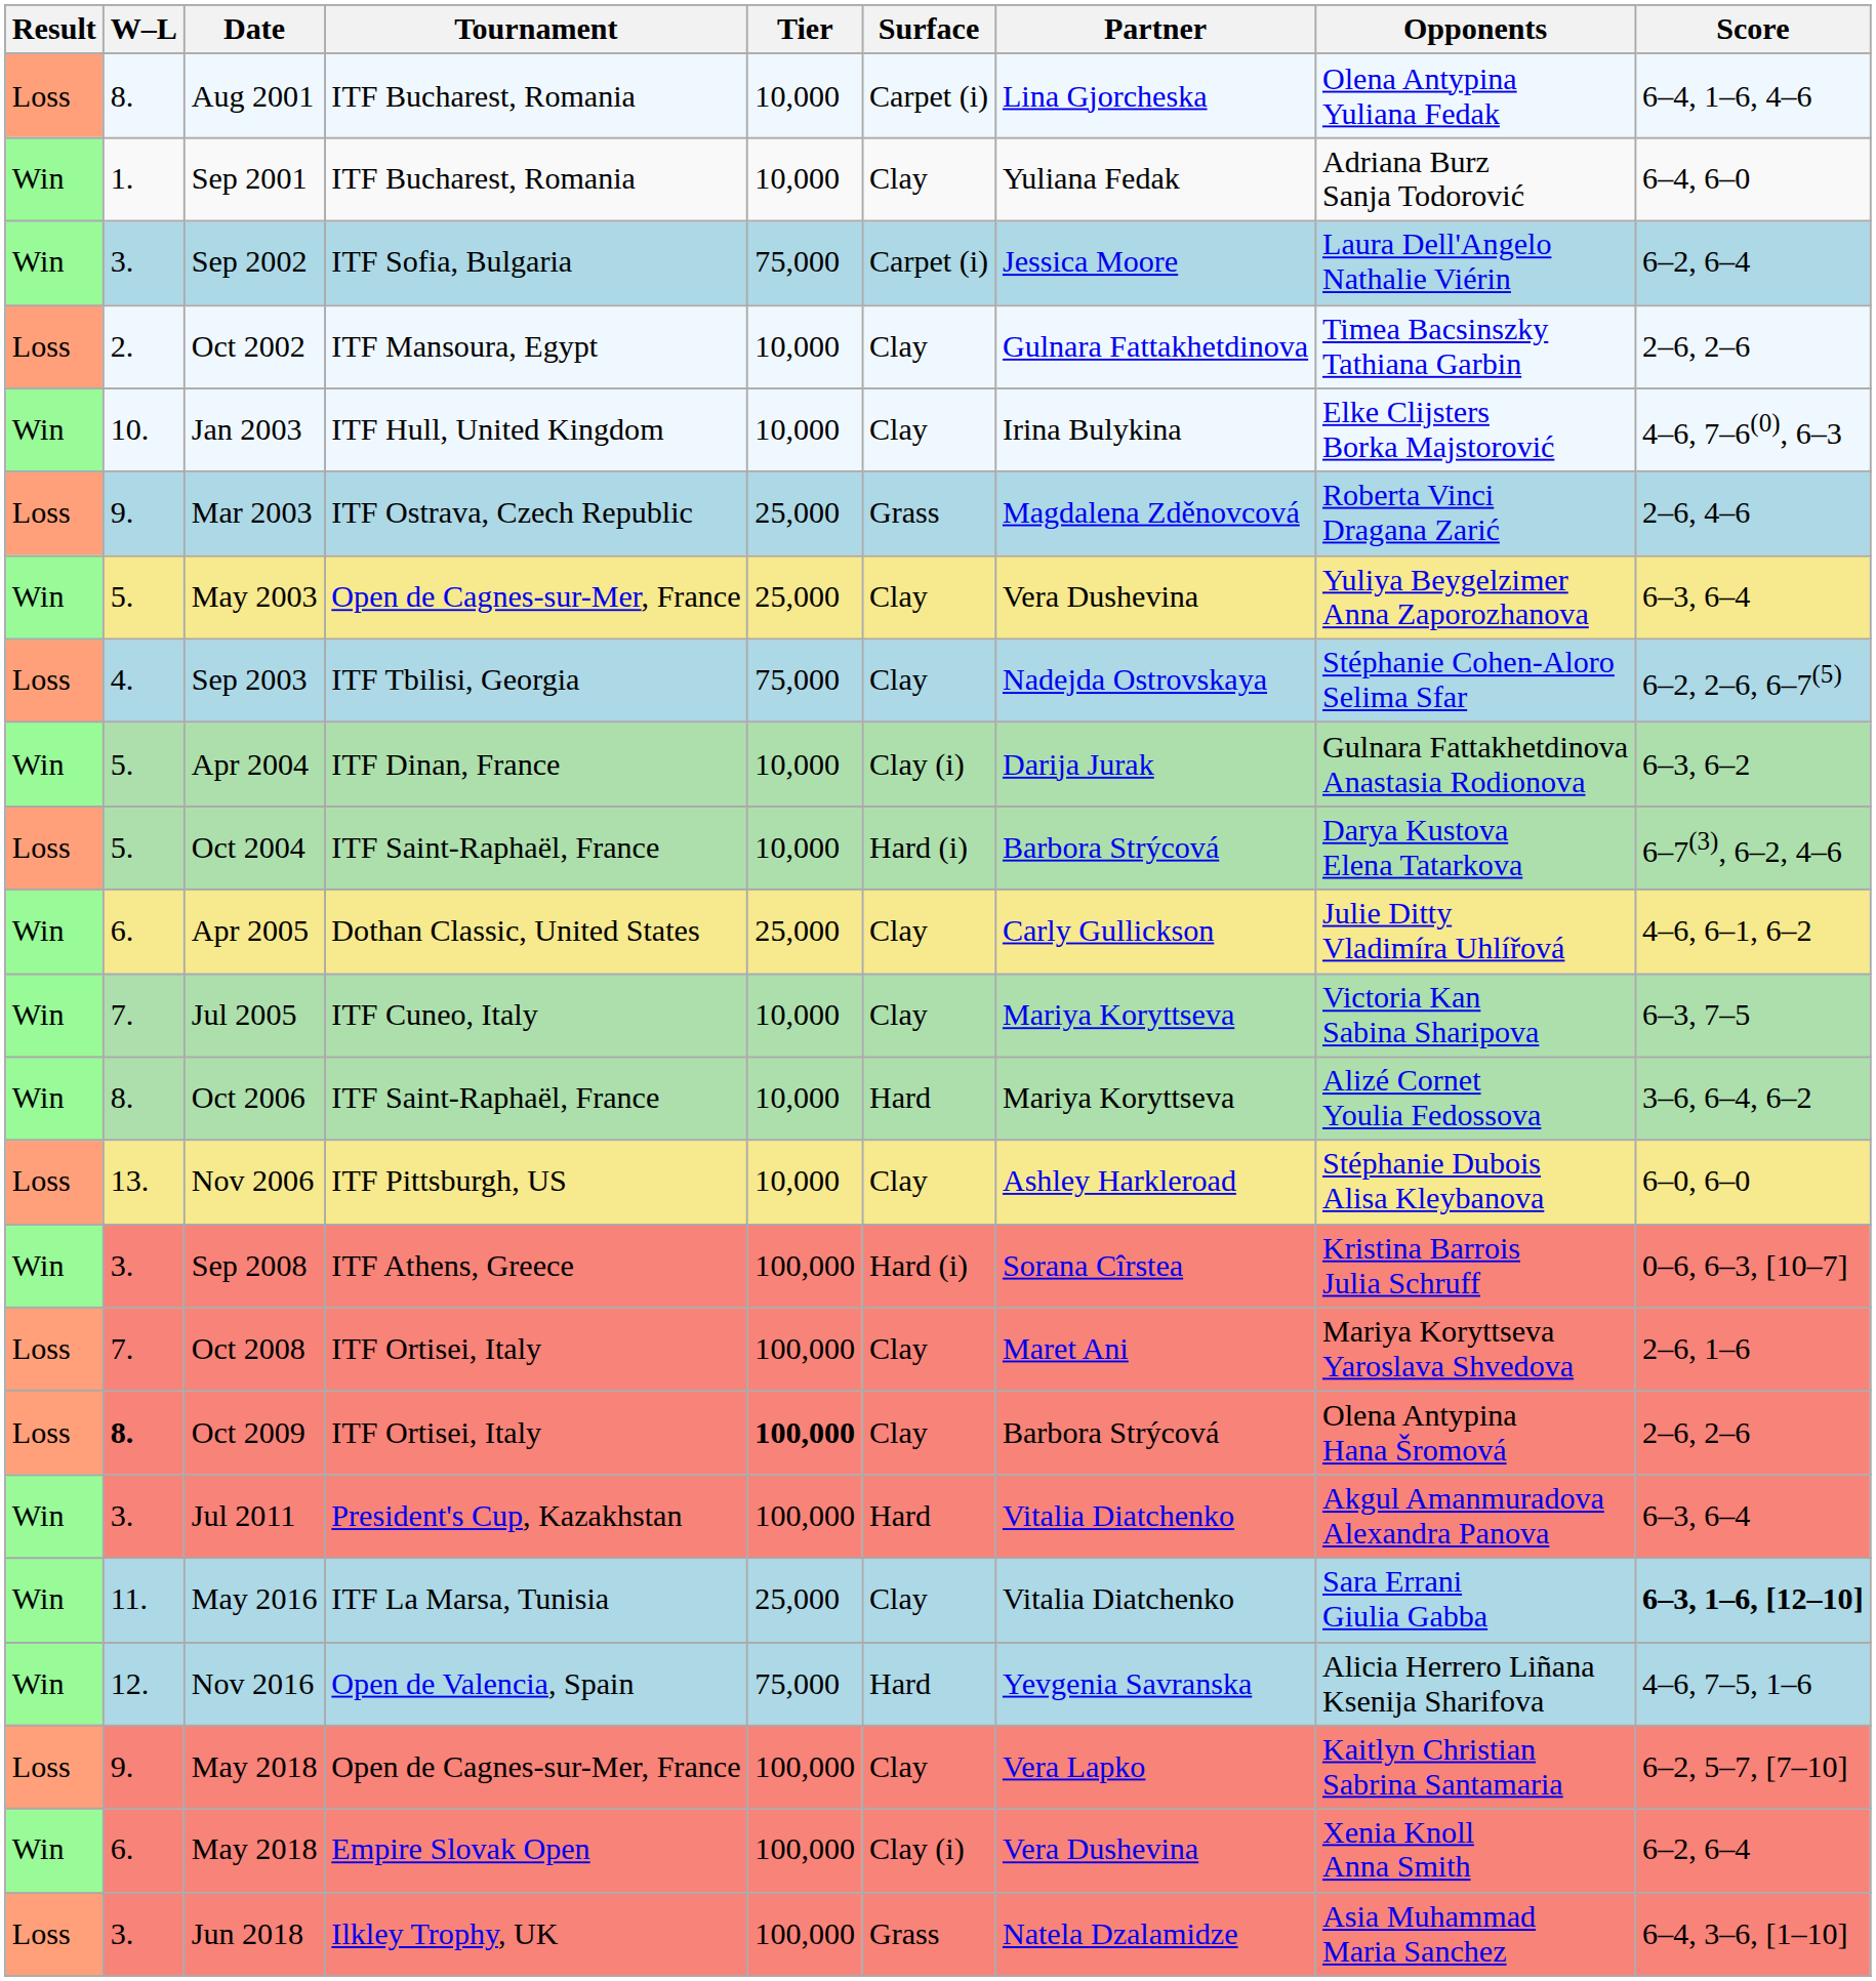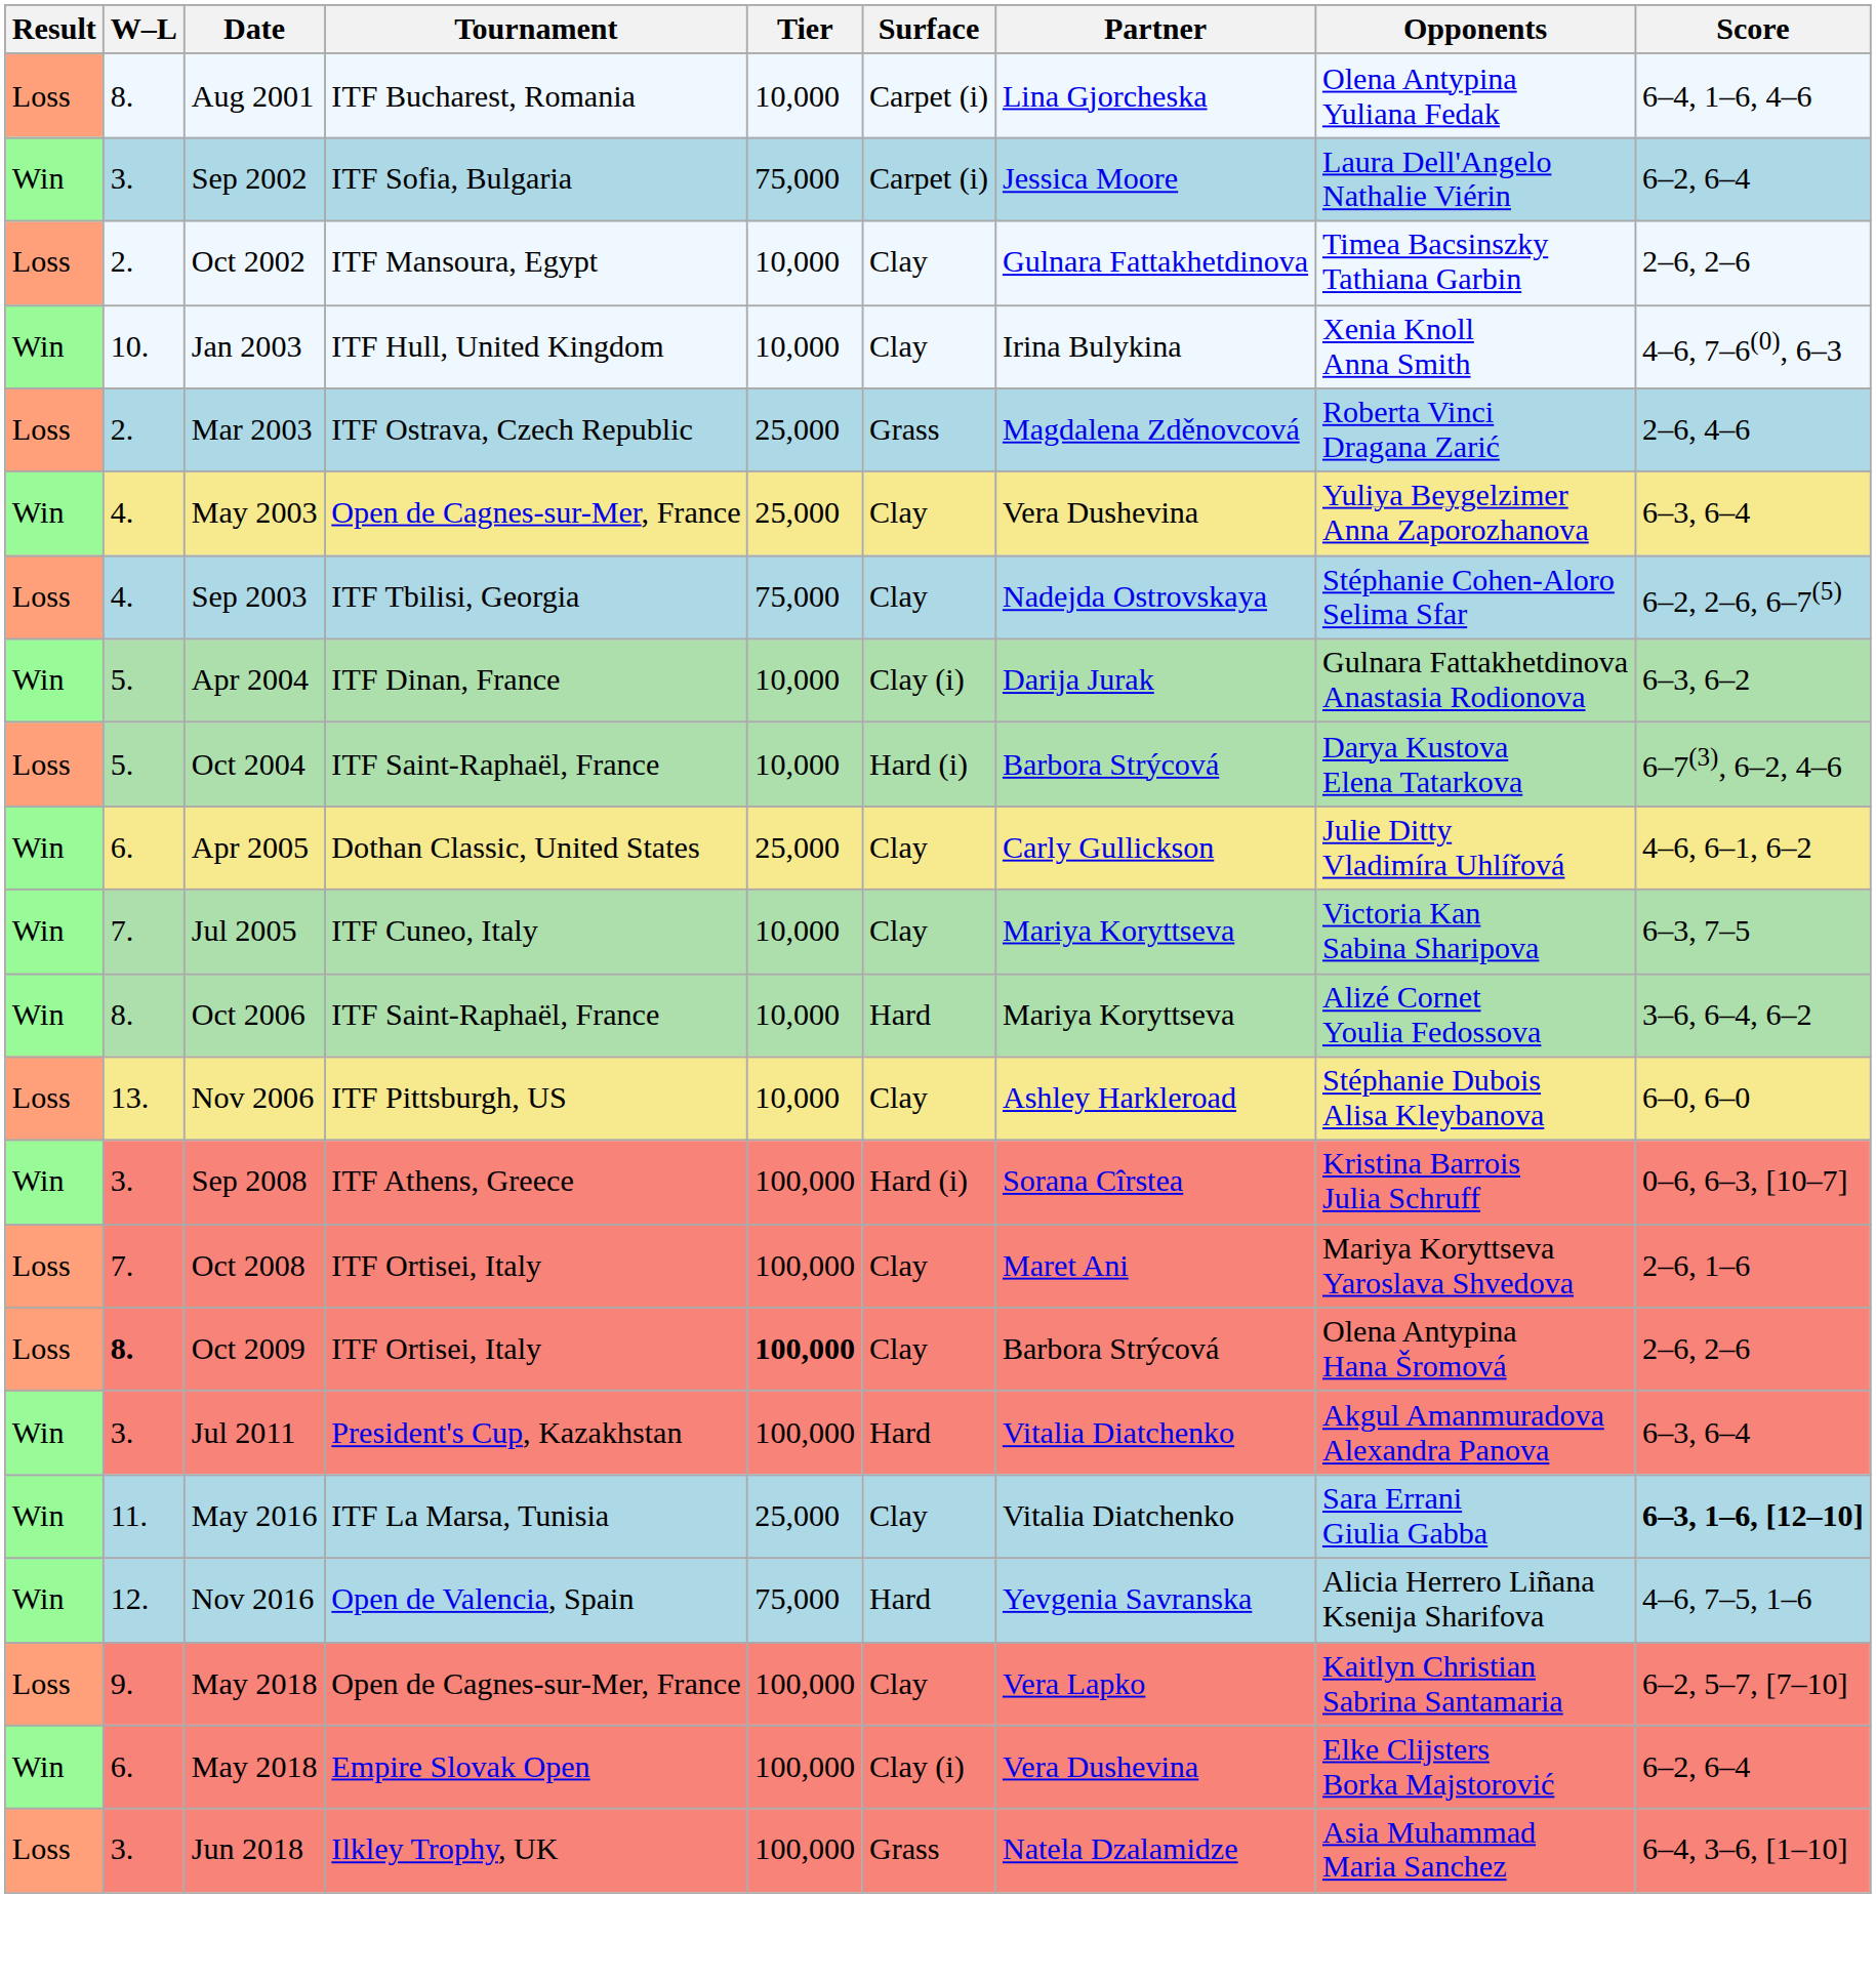 <table class="sortable wikitable">
 <tr>
 <th>Result</th>
 <th class="unsortable">W–L</th>
 <th>Date</th>
 <th>Tournament</th>
 <th>Tier</th>
 <th>Surface</th>
 <th>Partner</th>
 <th>Opponents</th>
 <th class="unsortable">Score</th>
 </tr>
 <tr style="background:#f0f8ff;">
 <td style="background:#ffa07a;">Loss</td>
 <td>8.</td>
 <td>Aug 2001</td>
 <td>ITF Bucharest, Romania</td>
 <td>10,000</td>
 <td>Carpet (i)</td>
 <td> <a href='#'>Lina Gjorcheska</a></td>
 <td> <a href='#'>Olena Antypina</a> <br>  <a href='#'>Yuliana Fedak</a></td>
 <td>6–4, 1–6, 4–6</td>
-</tr>
-<tr>
-<td bgcolor=98FB98>Win</td>
-<td>1.</td>
-<td>Sep 2001</td>
-<td>ITF Bucharest, Romania</td>
-<td>10,000</td>
-<td>Clay</td>
-<td> Yuliana Fedak</td>
-<td> Adriana Burz <br>  Sanja Todorović</td>
-<td>6–4, 6–0</td>
 </tr>
 <tr style="background:lightblue">
 <td bgcolor=98FB98>Win</td>
 <td>3.</td>
 <td>Sep 2002</td>
 <td>ITF Sofia, Bulgaria</td>
 <td>75,000</td>
 <td>Carpet (i)</td>
 <td> <a href='#'>Jessica Moore</a></td>
 <td> <a href='#'>Laura Dell'Angelo</a> <br>  <a href='#'>Nathalie Viérin</a></td>
 <td>6–2, 6–4</td>
 </tr>
 <tr style="background:#f0f8ff;">
 <td bgcolor="FFA07A">Loss</td>
 <td>2.</td>
 <td>Oct 2002</td>
 <td>ITF Mansoura, Egypt</td>
 <td>10,000</td>
 <td>Clay</td>
 <td> <a href='#'>Gulnara Fattakhetdinova</a></td>
 <td> <a href='#'>Timea Bacsinszky</a> <br>  <a href='#'>Tathiana Garbin</a></td>
 <td>2–6, 2–6</td>
 </tr>
 <tr style="background:#f0f8ff;">
 <td bgcolor=98FB98>Win</td>
 <td>10.</td>
 <td>Jan 2003</td>
 <td>ITF Hull, United Kingdom</td>
 <td>10,000</td>
 <td>Clay</td>
 <td> Irina Bulykina</td>
-<td> <a href='#'>Elke Clijsters</a> <br>  <a href='#'>Borka Majstorović</a></td>
+<td> <a href='#'>Xenia Knoll</a> <br>  <a href='#'>Anna Smith</a></td>
 <td>4–6, 7–6<sup>(0)</sup>, 6–3</td>
 </tr>
 <tr style="background:lightblue;">
 <td bgcolor="FFA07A">Loss</td>
-<td>9.</td>
+<td>2.</td>
 <td>Mar 2003</td>
 <td>ITF Ostrava, Czech Republic</td>
 <td>25,000</td>
 <td>Grass</td>
 <td> <a href='#'>Magdalena Zděnovcová</a></td>
 <td> <a href='#'>Roberta Vinci</a> <br>  <a href='#'>Dragana Zarić</a></td>
 <td>2–6, 4–6</td>
 </tr>
 <tr style="background:#f7e98e;">
 <td bgcolor=98FB98>Win</td>
-<td>5.</td>
+<td>4.</td>
 <td>May 2003</td>
 <td><a href='#'>Open de Cagnes-sur-Mer</a>, France</td>
 <td>25,000</td>
 <td>Clay</td>
 <td> Vera Dushevina</td>
 <td> <a href='#'>Yuliya Beygelzimer</a> <br>  <a href='#'>Anna Zaporozhanova</a></td>
 <td>6–3, 6–4</td>
 </tr>
 <tr style="background:lightblue;">
 <td style="background:#ffa07a;">Loss</td>
 <td>4.</td>
 <td>Sep 2003</td>
 <td>ITF Tbilisi, Georgia</td>
 <td>75,000</td>
 <td>Clay</td>
 <td> <a href='#'>Nadejda Ostrovskaya</a></td>
 <td> <a href='#'>Stéphanie Cohen-Aloro</a> <br>  <a href='#'>Selima Sfar</a></td>
 <td>6–2, 2–6, 6–7<sup>(5)</sup></td>
 </tr>
 <tr style="background:#addfad;">
 <td style="background:#98fb98;">Win</td>
 <td>5.</td>
 <td>Apr 2004</td>
 <td>ITF Dinan, France</td>
 <td>10,000</td>
 <td>Clay (i)</td>
 <td> <a href='#'>Darija Jurak</a></td>
 <td> Gulnara Fattakhetdinova <br>  <a href='#'>Anastasia Rodionova</a></td>
 <td>6–3, 6–2</td>
 </tr>
 <tr style="background:#addfad;">
 <td style="background:#ffa07a;">Loss</td>
 <td>5.</td>
 <td>Oct 2004</td>
 <td>ITF Saint-Raphaël, France</td>
 <td>10,000</td>
 <td>Hard (i)</td>
 <td> <a href='#'>Barbora Strýcová</a></td>
 <td> <a href='#'>Darya Kustova</a> <br>  <a href='#'>Elena Tatarkova</a></td>
 <td>6–7<sup>(3)</sup>, 6–2, 4–6</td>
 </tr>
 <tr style="background:#f7e98e;">
 <td bgcolor="98FB98">Win</td>
 <td>6.</td>
 <td>Apr 2005</td>
 <td>Dothan Classic, United States</td>
 <td>25,000</td>
 <td>Clay</td>
 <td> <a href='#'>Carly Gullickson</a></td>
 <td> <a href='#'>Julie Ditty</a> <br>  <a href='#'>Vladimíra Uhlířová</a></td>
 <td>4–6, 6–1, 6–2</td>
 </tr>
 <tr style="background:#addfad;">
 <td style="background:#98fb98;">Win</td>
 <td>7.</td>
 <td>Jul 2005</td>
 <td>ITF Cuneo, Italy</td>
 <td>10,000</td>
 <td>Clay</td>
 <td> <a href='#'>Mariya Koryttseva</a></td>
 <td> <a href='#'>Victoria Kan</a> <br>  <a href='#'>Sabina Sharipova</a></td>
 <td>6–3, 7–5</td>
 </tr>
 <tr style="background:#addfad;">
 <td bgcolor=98FB98>Win</td>
 <td>8.</td>
 <td>Oct 2006</td>
 <td>ITF Saint-Raphaël, France</td>
 <td>10,000</td>
 <td>Hard</td>
 <td> Mariya Koryttseva</td>
 <td> <a href='#'>Alizé Cornet</a> <br>  <a href='#'>Youlia Fedossova</a></td>
 <td>3–6, 6–4, 6–2</td>
 </tr>
 <tr style="background:#f7e98e;">
 <td style="background:#ffa07a;">Loss</td>
 <td>13.</td>
 <td>Nov 2006</td>
 <td>ITF Pittsburgh, US</td>
 <td>10,000</td>
 <td>Clay</td>
 <td> <a href='#'>Ashley Harkleroad</a></td>
 <td> <a href='#'>Stéphanie Dubois</a> <br>  <a href='#'>Alisa Kleybanova</a></td>
 <td>6–0, 6–0</td>
 </tr>
 <tr style="background:#f88379;">
 <td bgcolor=98FB98>Win</td>
 <td>3.</td>
 <td>Sep 2008</td>
 <td>ITF Athens, Greece</td>
 <td>100,000</td>
 <td>Hard (i)</td>
 <td> <a href='#'>Sorana Cîrstea</a></td>
 <td> <a href='#'>Kristina Barrois</a> <br>  <a href='#'>Julia Schruff</a></td>
 <td>0–6, 6–3, [10–7]</td>
 </tr>
 <tr style="background:#f88379;">
 <td bgcolor="FFA07A">Loss</td>
 <td>7.</td>
 <td>Oct 2008</td>
 <td>ITF Ortisei, Italy</td>
 <td>100,000</td>
 <td>Clay</td>
 <td> <a href='#'>Maret Ani</a></td>
 <td> Mariya Koryttseva <br>  <a href='#'>Yaroslava Shvedova</a></td>
 <td>2–6, 1–6</td>
 </tr>
 <tr style="background:#f88379;">
 <td bgcolor="FFA07A">Loss</td>
 <td><strong>8.</strong></td>
 <td>Oct 2009</td>
 <td>ITF Ortisei, Italy</td>
 <td><strong>100,000</strong></td>
 <td>Clay</td>
 <td> Barbora Strýcová</td>
 <td> Olena Antypina <br>  <a href='#'>Hana Šromová</a></td>
 <td>2–6, 2–6</td>
 </tr>
 <tr style="background:#f88379;">
 <td bgcolor="98FB98">Win</td>
 <td>3.</td>
 <td>Jul 2011</td>
 <td><a href='#'>President's Cup</a>, Kazakhstan</td>
 <td>100,000</td>
 <td>Hard</td>
 <td> <a href='#'>Vitalia Diatchenko</a></td>
 <td> <a href='#'>Akgul Amanmuradova</a> <br>  <a href='#'>Alexandra Panova</a></td>
 <td>6–3, 6–4</td>
 </tr>
 <tr style="background:lightblue;">
 <td style="background:#98fb98;">Win</td>
 <td>11.</td>
 <td>May 2016</td>
 <td>ITF La Marsa, Tunisia</td>
 <td>25,000</td>
 <td>Clay</td>
 <td> Vitalia Diatchenko</td>
 <td> <a href='#'>Sara Errani</a> <br>  <a href='#'>Giulia Gabba</a></td>
 <td><strong>6–3, 1–6, [12–10]</strong></td>
 </tr>
 <tr style="background:lightblue;">
 <td style="background:#98fb98;">Win</td>
 <td>12.</td>
 <td>Nov 2016</td>
 <td><a href='#'>Open de Valencia</a>, Spain</td>
 <td>75,000</td>
 <td>Hard</td>
 <td> <a href='#'>Yevgenia Savranska</a></td>
 <td> Alicia Herrero Liñana <br>  Ksenija Sharifova</td>
 <td>4–6, 7–5, 1–6</td>
 </tr>
 <tr style="background:#f88379;">
 <td bgcolor="FFA07A">Loss</td>
 <td>9.</td>
 <td>May 2018</td>
 <td>Open de Cagnes-sur-Mer, France</td>
 <td>100,000</td>
 <td>Clay</td>
 <td> <a href='#'>Vera Lapko</a></td>
 <td> <a href='#'>Kaitlyn Christian</a> <br>  <a href='#'>Sabrina Santamaria</a></td>
 <td>6–2, 5–7, [7–10]</td>
 </tr>
 <tr style="background:#f88379;">
 <td bgcolor="98FB98">Win</td>
 <td>6.</td>
 <td>May 2018</td>
 <td><a href='#'>Empire Slovak Open</a></td>
 <td>100,000</td>
 <td>Clay (i)</td>
 <td> <a href='#'>Vera Dushevina</a></td>
-<td> <a href='#'>Xenia Knoll</a> <br>  <a href='#'>Anna Smith</a></td>
+<td> <a href='#'>Elke Clijsters</a> <br>  <a href='#'>Borka Majstorović</a></td>
 <td>6–2, 6–4</td>
 </tr>
 <tr style="background:#f88379;">
 <td bgcolor="FFA07A">Loss</td>
 <td>3.</td>
 <td>Jun 2018</td>
 <td><a href='#'>Ilkley Trophy</a>, UK</td>
 <td>100,000</td>
 <td>Grass</td>
 <td> <a href='#'>Natela Dzalamidze</a></td>
 <td> <a href='#'>Asia Muhammad</a> <br>  <a href='#'>Maria Sanchez</a></td>
 <td>6–4, 3–6, [1–10]</td>
 </tr>
 </table>
